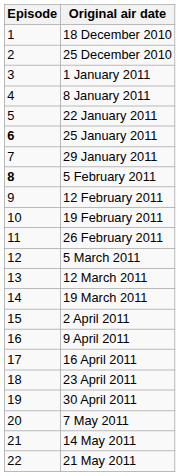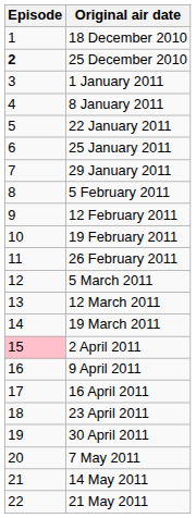 <table class="wikitable">
 <tr>
 <th>Episode</th>
 <th>Original air date</th>
 </tr>
 <tr>
 <td>1</td>
 <td>18 December 2010</td>
 </tr>
 <tr>
-<td>2</td>
+<td><strong>2</strong></td>
 <td>25 December 2010</td>
 </tr>
 <tr>
 <td>3</td>
 <td>1 January 2011</td>
 </tr>
 <tr>
 <td>4</td>
 <td>8 January 2011</td>
 </tr>
 <tr>
 <td>5</td>
 <td>22 January 2011</td>
 </tr>
 <tr>
-<td><strong>6</strong></td>
+<td>6</td>
 <td>25 January 2011</td>
 </tr>
 <tr>
 <td>7</td>
 <td>29 January 2011</td>
 </tr>
 <tr>
-<td><strong>8</strong></td>
+<td>8</td>
 <td>5 February 2011</td>
 </tr>
 <tr>
 <td>9</td>
 <td>12 February 2011</td>
 </tr>
 <tr>
 <td>10</td>
 <td>19 February 2011</td>
 </tr>
 <tr>
 <td>11</td>
 <td>26 February 2011</td>
 </tr>
 <tr>
 <td>12</td>
 <td>5 March 2011</td>
 </tr>
 <tr>
 <td>13</td>
 <td>12 March 2011</td>
 </tr>
 <tr>
 <td>14</td>
 <td>19 March 2011</td>
 </tr>
 <tr>
-<td>15</td>
+<td style="background: pink;">15</td>
 <td>2 April 2011</td>
 </tr>
 <tr>
 <td>16</td>
 <td>9 April 2011</td>
 </tr>
 <tr>
 <td>17</td>
 <td>16 April 2011</td>
 </tr>
 <tr>
 <td>18</td>
 <td>23 April 2011</td>
 </tr>
 <tr>
 <td>19</td>
 <td>30 April 2011</td>
 </tr>
 <tr>
 <td>20</td>
 <td>7 May 2011</td>
 </tr>
 <tr>
 <td>21</td>
 <td>14 May 2011</td>
 </tr>
 <tr>
 <td>22</td>
 <td>21 May 2011</td>
 </tr>
 </table>
